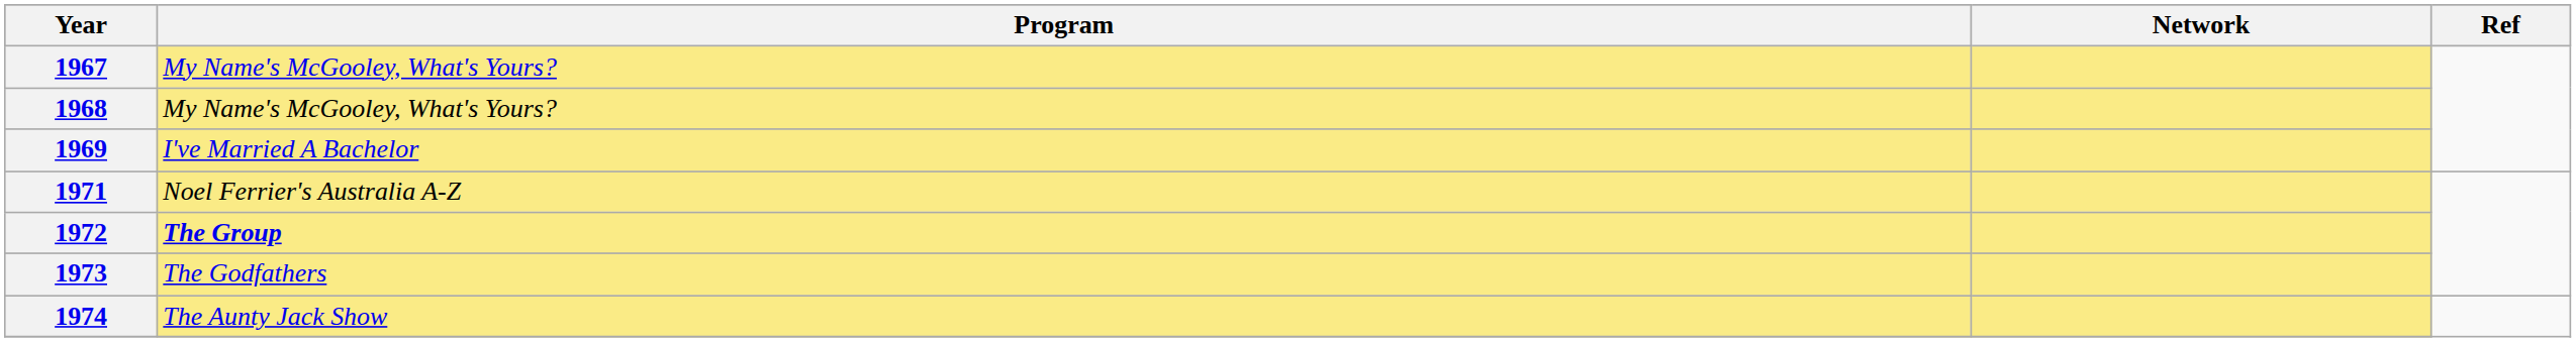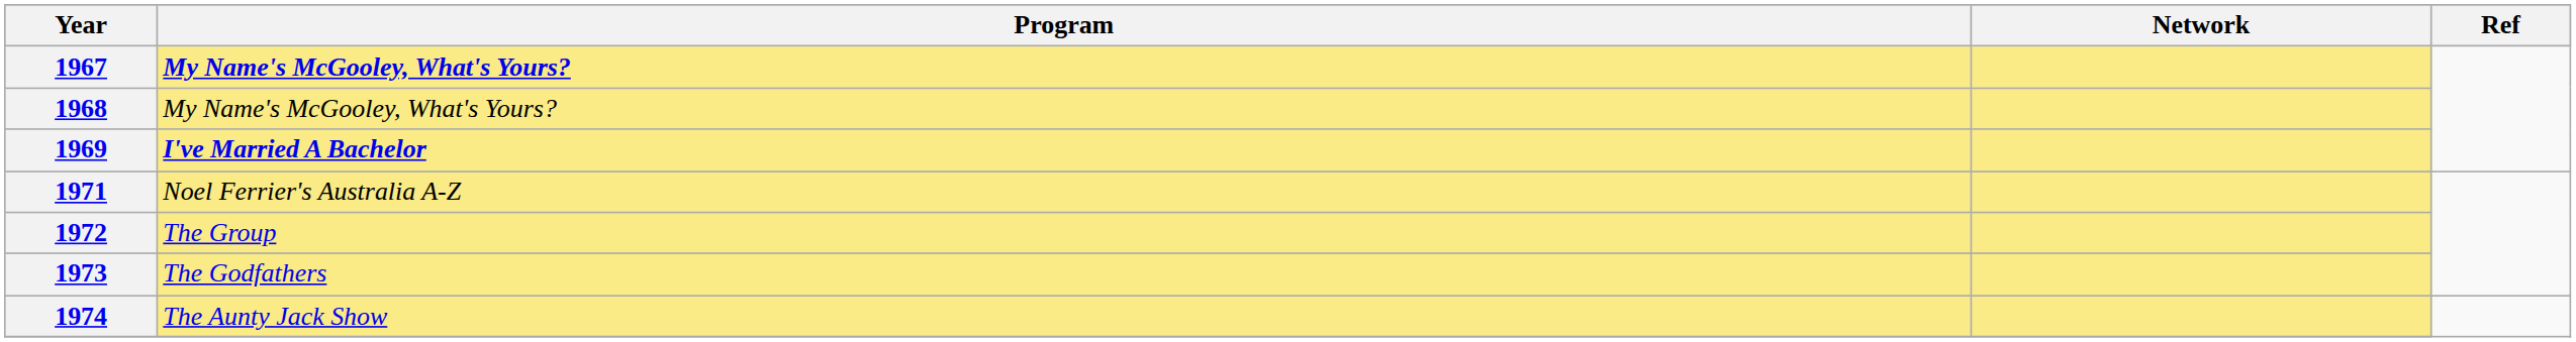 <table class="wikitable sortable">
 <tr style="background:#bebebe;">
 <th scope="col" style="width:1%;">Year</th>
 <th scope="col" style="width:16%;">Program</th>
 <th scope="col" style="width:4%;">Network</th>
 <th scope="col" style="width:1%;" class="unsortable">Ref</th>
 </tr>
 <tr>
 <th scope="row" style="text-align:center"><a href='#'>1967</a></th>
-<td style="background:#FAEB86"><em><a href='#'>My Name's McGooley, What's Yours?</a></em></td>
+<td style="background:#FAEB86"><strong><em><a href='#'>My Name's McGooley, What's Yours?</a></em></strong></td>
 <td style="background:#FAEB86"></td>
 <td rowspan="3"></td>
 </tr>
 <tr>
 <th scope="row" style="text-align:center"><a href='#'>1968</a></th>
 <td style="background:#FAEB86"><em>My Name's McGooley, What's Yours?</em></td>
 <td style="background:#FAEB86"></td>
 </tr>
 <tr>
 <th scope="row" style="text-align:center"><a href='#'>1969</a></th>
-<td style="background:#FAEB86"><em><a href='#'>I've Married A Bachelor</a></em></td>
+<td style="background:#FAEB86"><strong><em><a href='#'>I've Married A Bachelor</a></em></strong></td>
 <td style="background:#FAEB86"></td>
 </tr>
 <tr>
 <th scope="row" style="text-align:center"><a href='#'>1971</a></th>
 <td style="background:#FAEB86"><em>Noel Ferrier's Australia A-Z</em></td>
 <td style="background:#FAEB86"></td>
 <td rowspan="3"></td>
 </tr>
 <tr>
 <th scope="row" style="text-align:center"><a href='#'>1972</a></th>
-<td style="background:#FAEB86"><strong><em><a href='#'>The Group</a></em></strong></td>
+<td style="background:#FAEB86"><em><a href='#'>The Group</a></em></td>
 <td style="background:#FAEB86"></td>
 </tr>
 <tr>
 <th scope="row" style="text-align:center"><a href='#'>1973</a></th>
 <td style="background:#FAEB86"><em><a href='#'>The Godfathers</a></em></td>
 <td style="background:#FAEB86"></td>
 </tr>
 <tr>
 <th scope="row" style="text-align:center"><a href='#'>1974</a></th>
 <td style="background:#FAEB86"><em><a href='#'>The Aunty Jack Show</a></em></td>
 <td style="background:#FAEB86"></td>
 <td rowspan="3"></td>
 </tr>
 <tr>
 </tr>
 </table>
